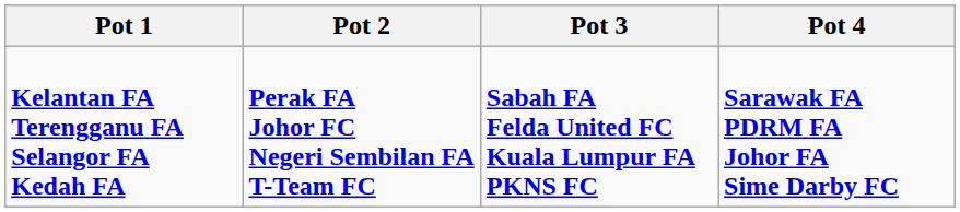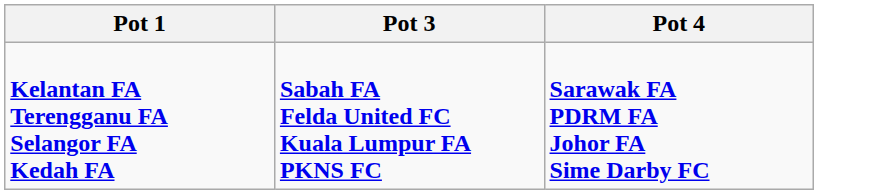 <table class=wikitable>
 <tr>
 <th width=25%>Pot 1</th>
-<th width=25%>Pot 2</th>
 <th width=25%>Pot 3</th>
 <th width=25%>Pot 4</th>
 </tr>
 <tr valign=top>
 <td><br> <strong><a href='#'>Kelantan FA</a></strong><br>   <strong><a href='#'>Terengganu FA</a></strong><br>   <strong><a href='#'>Selangor FA</a></strong><br>   <strong><a href='#'>Kedah FA</a></strong></td>
-<td><br> <strong><a href='#'>Perak FA</a></strong><br>   <strong><a href='#'>Johor FC</a></strong><br>   <strong><a href='#'>Negeri Sembilan FA</a></strong><br>   <strong><a href='#'>T-Team FC</a></strong></td>
 <td><br> <strong><a href='#'>Sabah FA</a></strong><br>   <strong><a href='#'>Felda United FC</a></strong><br>   <strong><a href='#'>Kuala Lumpur FA</a></strong><br>   <strong><a href='#'>PKNS FC</a></strong></td>
 <td><br> <strong><a href='#'>Sarawak FA</a></strong><br>   <strong><a href='#'>PDRM FA</a></strong><br>   <strong><a href='#'>Johor FA</a></strong><br>   <strong><a href='#'>Sime Darby FC</a></strong></td>
 </tr>
 </table>
